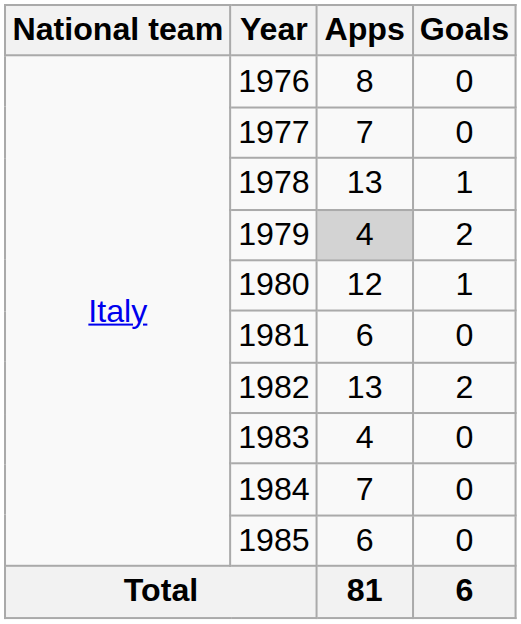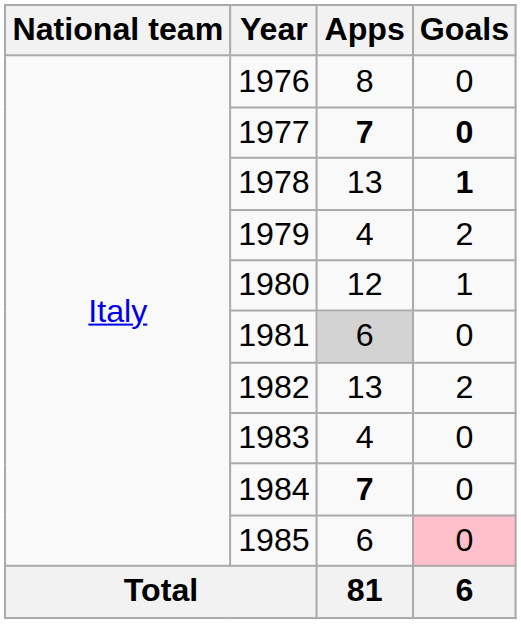 <table class="wikitable" style="text-align:center">
 <tr>
 <th>National team</th>
 <th>Year</th>
 <th>Apps</th>
 <th>Goals</th>
 </tr>
 <tr>
 <td rowspan="10"><a href='#'>Italy</a></td>
 <td>1976</td>
 <td>8</td>
 <td>0</td>
 </tr>
 <tr>
 <td>1977</td>
-<td>7</td>
-<td>0</td>
+<td><strong>7</strong></td>
+<td><strong>0</strong></td>
 </tr>
 <tr>
 <td>1978</td>
 <td>13</td>
-<td>1</td>
+<td><strong>1</strong></td>
 </tr>
 <tr>
 <td>1979</td>
-<td style="background: lightgrey;">4</td>
+<td>4</td>
 <td>2</td>
 </tr>
 <tr>
 <td>1980</td>
 <td>12</td>
 <td>1</td>
 </tr>
 <tr>
 <td>1981</td>
-<td>6</td>
+<td style="background: lightgrey;">6</td>
 <td>0</td>
 </tr>
 <tr>
 <td>1982</td>
 <td>13</td>
 <td>2</td>
 </tr>
 <tr>
 <td>1983</td>
 <td>4</td>
 <td>0</td>
 </tr>
 <tr>
 <td>1984</td>
-<td>7</td>
+<td><strong>7</strong></td>
 <td>0</td>
 </tr>
 <tr>
 <td>1985</td>
 <td>6</td>
-<td>0</td>
+<td style="background: pink;">0</td>
 </tr>
 <tr>
 <th colspan="2">Total</th>
 <th>81</th>
 <th>6</th>
 </tr>
 </table>
